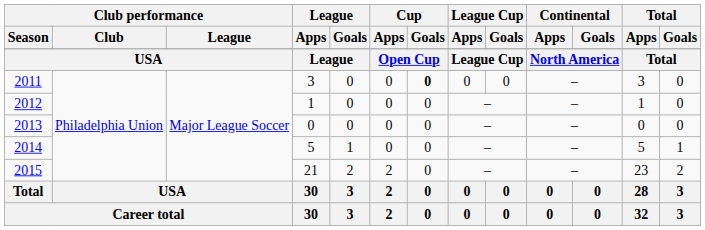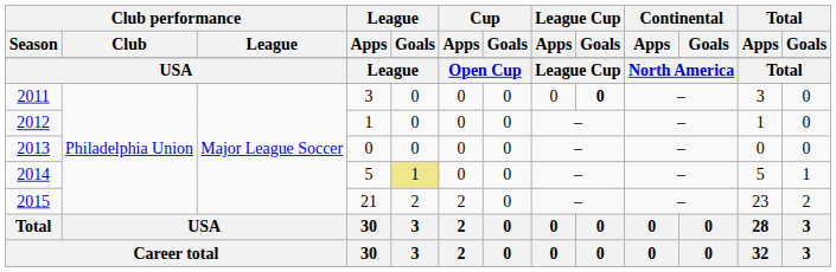 <table class="wikitable" style="text-align:center">
 <tr>
 <th colspan=3>Club performance</th>
 <th colspan=2>League</th>
 <th colspan=2>Cup</th>
 <th colspan=2>League Cup</th>
 <th colspan=2>Continental</th>
 <th colspan=2>Total</th>
 </tr>
 <tr>
 <th>Season</th>
 <th>Club</th>
 <th>League</th>
 <th>Apps</th>
 <th>Goals</th>
 <th>Apps</th>
 <th>Goals</th>
 <th>Apps</th>
 <th>Goals</th>
 <th>Apps</th>
 <th>Goals</th>
 <th>Apps</th>
 <th>Goals</th>
 </tr>
 <tr>
 </tr>
 <tr>
 <th colspan=3>USA</th>
 <th colspan=2>League</th>
 <th colspan=2><a href='#'>Open Cup</a></th>
 <th colspan=2>League Cup</th>
 <th colspan=2><a href='#'>North America</a></th>
 <th colspan=2>Total</th>
 </tr>
 <tr>
 <td><a href='#'>2011</a></td>
 <td rowspan="5"><a href='#'>Philadelphia Union</a></td>
 <td rowspan="5"><a href='#'>Major League Soccer</a></td>
 <td>3</td>
 <td>0</td>
 <td>0</td>
-<td><strong>0</strong></td>
 <td>0</td>
 <td>0</td>
+<td><strong>0</strong></td>
 <td colspan="2">–</td>
 <td>3</td>
 <td>0</td>
 </tr>
 <tr>
 <td><a href='#'>2012</a></td>
 <td>1</td>
 <td>0</td>
 <td>0</td>
 <td>0</td>
 <td colspan="2">–</td>
 <td colspan="2">–</td>
 <td>1</td>
 <td>0</td>
 </tr>
 <tr>
 <td><a href='#'>2013</a></td>
 <td>0</td>
 <td>0</td>
 <td>0</td>
 <td>0</td>
 <td colspan="2">–</td>
 <td colspan="2">–</td>
 <td>0</td>
 <td>0</td>
 </tr>
 <tr>
 <td><a href='#'>2014</a></td>
 <td>5</td>
-<td>1</td>
+<td style="background: khaki;">1</td>
 <td>0</td>
 <td>0</td>
 <td colspan="2">–</td>
 <td colspan="2">–</td>
 <td>5</td>
 <td>1</td>
 </tr>
 <tr>
 <td><a href='#'>2015</a></td>
 <td>21</td>
 <td>2</td>
 <td>2</td>
 <td>0</td>
 <td colspan="2">–</td>
 <td colspan="2">–</td>
 <td>23</td>
 <td>2</td>
 </tr>
 <tr>
 <th rowspan=1>Total</th>
 <th colspan=2>USA</th>
 <th>30</th>
 <th>3</th>
 <th>2</th>
 <th>0</th>
 <th>0</th>
 <th>0</th>
 <th>0</th>
 <th>0</th>
 <th>28</th>
 <th>3</th>
 </tr>
 <tr>
 <th colspan=3>Career total</th>
 <th>30</th>
 <th>3</th>
 <th>2</th>
 <th>0</th>
 <th>0</th>
 <th>0</th>
 <th>0</th>
 <th>0</th>
 <th>32</th>
 <th>3</th>
 </tr>
 </table>
